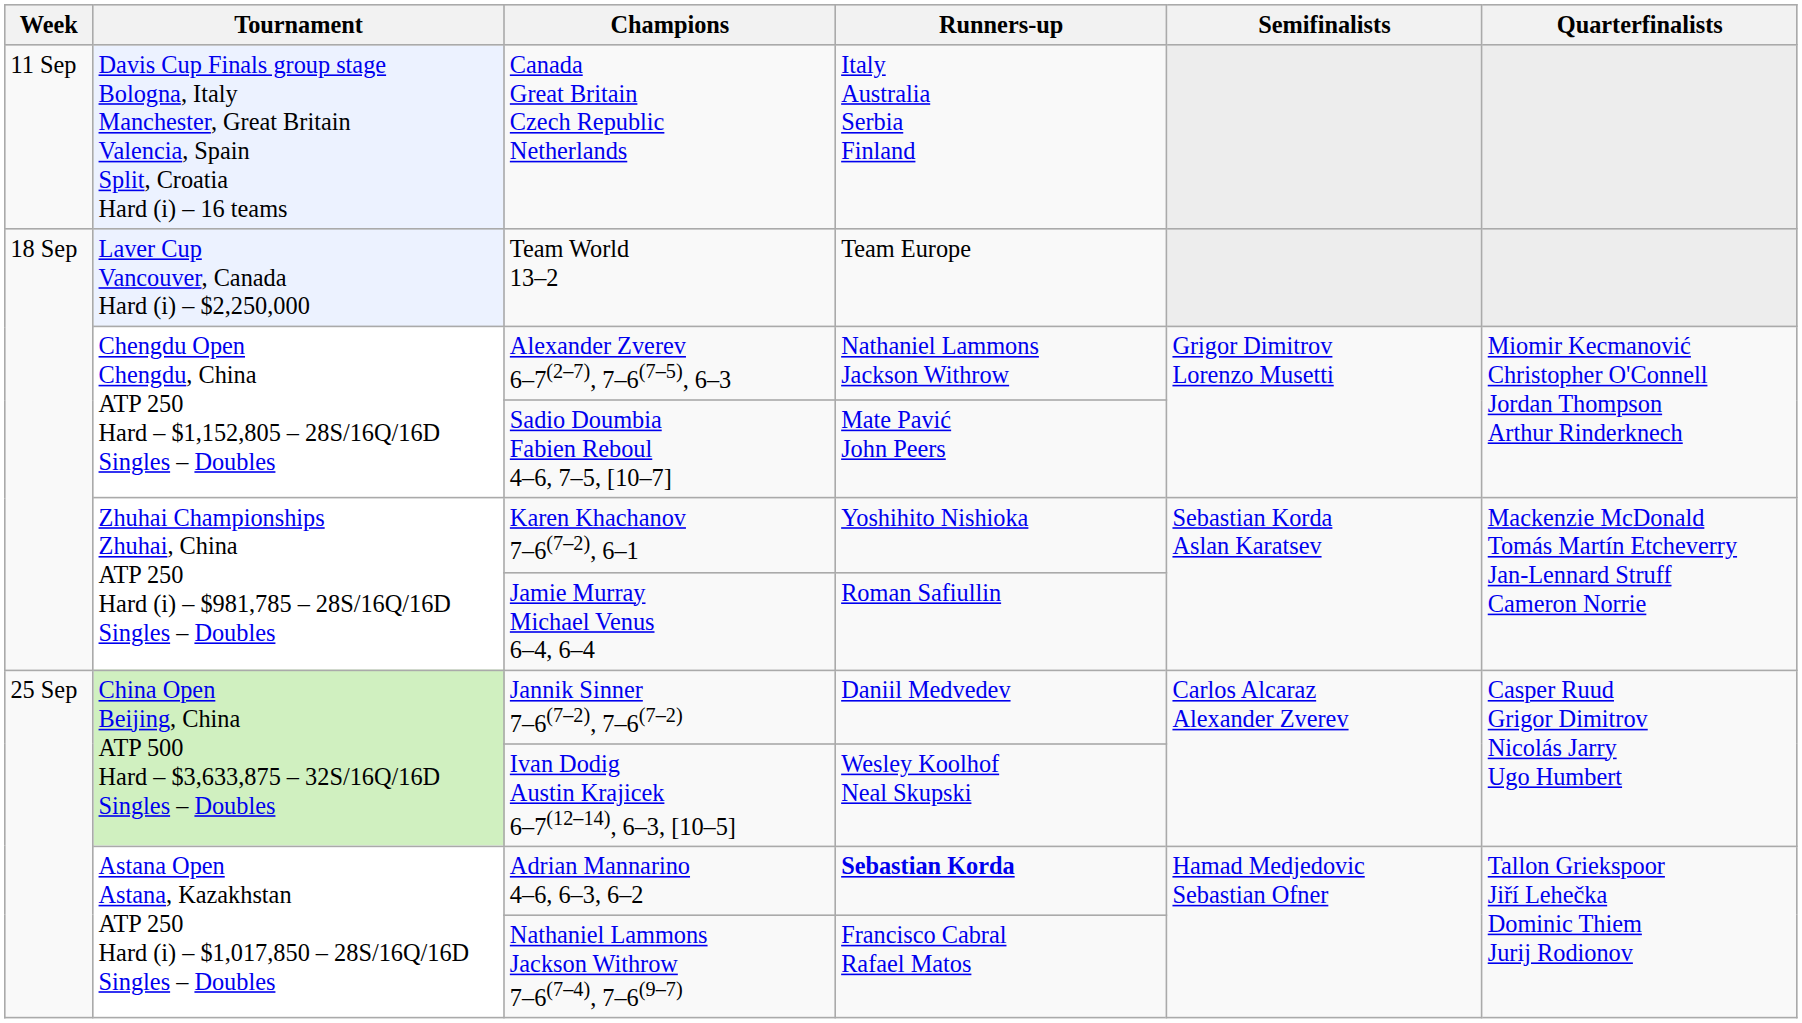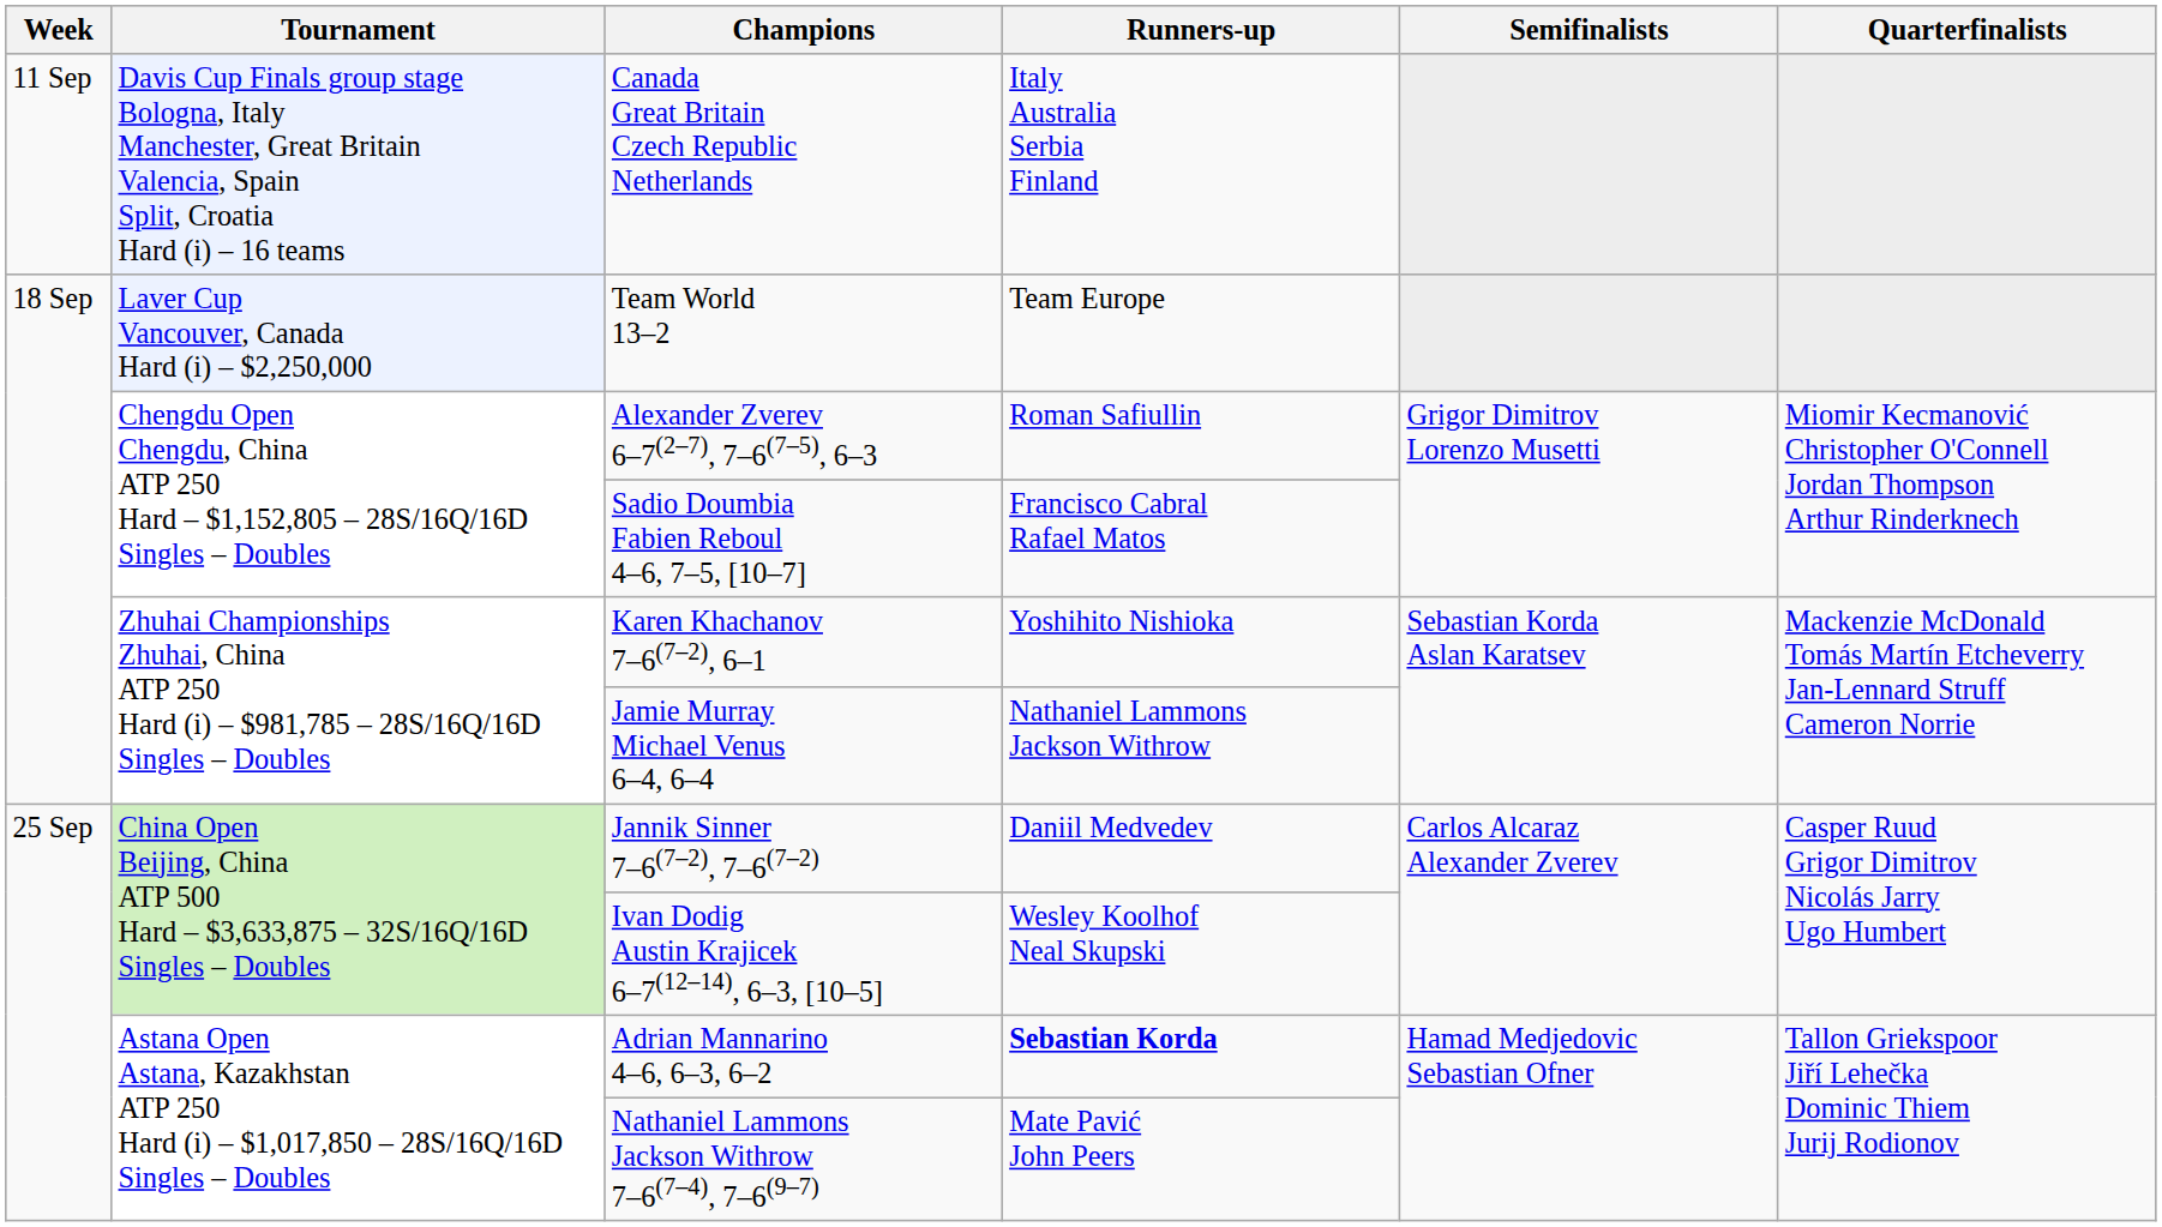 <table class=wikitable style=font-size:95%>
 <tr>
 <th style="width:48px;">Week</th>
 <th style="width:250px;">Tournament</th>
 <th style="width:200px;">Champions</th>
 <th style="width:200px;">Runners-up</th>
 <th style="width:190px;">Semifinalists</th>
 <th style="width:190px;">Quarterfinalists</th>
 </tr>
 <tr valign="top">
 <td>11 Sep</td>
 <td bgcolor="#ECF2FF";><a href='#'>Davis Cup Finals group stage</a> <br> <a href='#'>Bologna</a>, Italy <br> <a href='#'>Manchester</a>, Great Britain <br> <a href='#'>Valencia</a>, Spain <br> <a href='#'>Split</a>, Croatia <br>  Hard (i) – 16 teams</td>
 <td> <a href='#'>Canada</a><br>  <a href='#'>Great Britain</a><br>  <a href='#'>Czech Republic</a><br>  <a href='#'>Netherlands</a></td>
 <td> <a href='#'>Italy</a><br>  <a href='#'>Australia</a><br>  <a href='#'>Serbia</a><br>  <a href='#'>Finland</a></td>
 <td style="background:#ededed;"></td>
 <td style="background:#ededed;"></td>
 </tr>
 <tr valign="top">
 <td rowspan="5">18 Sep</td>
 <td style="background:#ECF2FF;"><a href='#'>Laver Cup</a> <br> <a href='#'>Vancouver</a>, Canada <br> Hard (i) – $2,250,000</td>
 <td style="text-align:" center" "> Team World <br> 13–2</td>
 <td> Team Europe</td>
 <td style="background:#ededed;"></td>
 <td style="background:#ededed;"></td>
 </tr>
 <tr valign="top">
 <td style="background:#fff;" rowspan="2"><a href='#'>Chengdu Open</a><br><a href='#'>Chengdu</a>, China<br>ATP 250 <br>Hard – $1,152,805 – 28S/16Q/16D <br><a href='#'>Singles</a> – <a href='#'>Doubles</a></td>
 <td> <a href='#'>Alexander Zverev</a><br>6–7<sup>(2–7)</sup>, 7–6<sup>(7–5)</sup>, 6–3</td>
-<td> <a href='#'>Nathaniel Lammons</a> <br>  <a href='#'>Jackson Withrow</a></td>
+<td> <a href='#'>Roman Safiullin</a></td>
 <td rowspan="2"> <a href='#'>Grigor Dimitrov</a> <br>  <a href='#'>Lorenzo Musetti</a></td>
 <td rowspan="2"> <a href='#'>Miomir Kecmanović</a> <br>  <a href='#'>Christopher O'Connell</a> <br>  <a href='#'>Jordan Thompson</a> <br>  <a href='#'>Arthur Rinderknech</a></td>
 </tr>
 <tr valign="top">
 <td align="left"> <a href='#'>Sadio Doumbia</a> <br>  <a href='#'>Fabien Reboul</a> <br> 4–6, 7–5, [10–7]</td>
-<td> <a href='#'>Mate Pavić</a> <br>  <a href='#'>John Peers</a></td>
+<td> <a href='#'>Francisco Cabral</a> <br>   <a href='#'>Rafael Matos</a></td>
 </tr>
 <tr valign="top">
 <td style="background:#fff;" rowspan="2"><a href='#'>Zhuhai Championships</a><br><a href='#'>Zhuhai</a>, China<br>ATP 250 <br>Hard (i) – $981,785 – 28S/16Q/16D <br><a href='#'>Singles</a> – <a href='#'>Doubles</a></td>
 <td align="left"> <a href='#'>Karen Khachanov</a> <br> 7–6<sup>(7–2)</sup>, 6–1</td>
 <td> <a href='#'>Yoshihito Nishioka</a></td>
 <td rowspan="2"> <a href='#'>Sebastian Korda</a> <br>  <a href='#'>Aslan Karatsev</a></td>
 <td rowspan="2"> <a href='#'>Mackenzie McDonald</a> <br>  <a href='#'>Tomás Martín Etcheverry</a> <br>  <a href='#'>Jan-Lennard Struff</a> <br>  <a href='#'>Cameron Norrie</a></td>
 </tr>
 <tr valign="top">
 <td> <a href='#'>Jamie Murray</a> <br>  <a href='#'>Michael Venus</a> <br> 6–4, 6–4</td>
-<td> <a href='#'>Roman Safiullin</a></td>
+<td> <a href='#'>Nathaniel Lammons</a> <br>  <a href='#'>Jackson Withrow</a></td>
 </tr>
 <tr valign=top>
 <td rowspan="4">25 Sep</td>
 <td rowspan="2" style="background:#d0f0c0;"><a href='#'>China Open</a> <br> <a href='#'>Beijing</a>, China <br> ATP 500 <br> Hard – $3,633,875 – 32S/16Q/16D <br> <a href='#'>Singles</a> – <a href='#'>Doubles</a></td>
 <td> <a href='#'>Jannik Sinner</a> <br> 7–6<sup>(7–2)</sup>, 7–6<sup>(7–2)</sup></td>
 <td> <a href='#'>Daniil Medvedev</a></td>
 <td rowspan="2"> <a href='#'>Carlos Alcaraz</a> <br>  <a href='#'>Alexander Zverev</a></td>
 <td rowspan="2"> <a href='#'>Casper Ruud</a> <br>  <a href='#'>Grigor Dimitrov</a> <br>  <a href='#'>Nicolás Jarry</a> <br>  <a href='#'>Ugo Humbert</a></td>
 </tr>
 <tr valign=top>
 <td> <a href='#'>Ivan Dodig</a> <br>  <a href='#'>Austin Krajicek</a> <br> 6–7<sup>(12–14)</sup>, 6–3, [10–5]</td>
 <td> <a href='#'>Wesley Koolhof</a> <br>  <a href='#'>Neal Skupski</a></td>
 </tr>
 <tr valign="top">
 <td style="background:#fff;" rowspan="2"><a href='#'>Astana Open</a> <br> <a href='#'>Astana</a>, Kazakhstan <br> ATP 250 <br> Hard (i) – $1,017,850 – 28S/16Q/16D <br> <a href='#'>Singles</a> – <a href='#'>Doubles</a></td>
 <td> <a href='#'>Adrian Mannarino</a> <br> 4–6, 6–3, 6–2</td>
 <td><strong> <a href='#'>Sebastian Korda</a></strong></td>
 <td rowspan="2"> <a href='#'>Hamad Medjedovic</a>  <br>  <a href='#'>Sebastian Ofner</a></td>
 <td rowspan="2"> <a href='#'>Tallon Griekspoor</a> <br>  <a href='#'>Jiří Lehečka</a><br>  <a href='#'>Dominic Thiem</a> <br>  <a href='#'>Jurij Rodionov</a></td>
 </tr>
 <tr valign="top">
 <td> <a href='#'>Nathaniel Lammons</a> <br>  <a href='#'>Jackson Withrow</a> <br> 7–6<sup>(7–4)</sup>, 7–6<sup>(9–7)</sup></td>
-<td> <a href='#'>Francisco Cabral</a> <br>   <a href='#'>Rafael Matos</a></td>
+<td> <a href='#'>Mate Pavić</a> <br>  <a href='#'>John Peers</a></td>
 </tr>
 </table>
